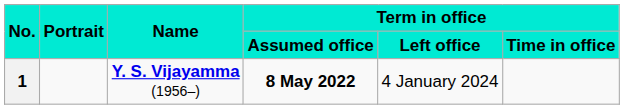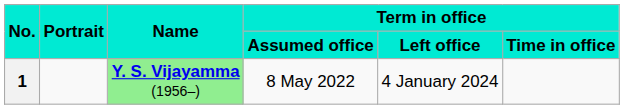 <table class="wikitable sortable" style="text-align: center;">
 <tr>
 <th rowspan=2 style="background-color:#00EAD3;color:black">No.</th>
 <th rowspan=2 style="background-color:#00EAD3;color:black">Portrait</th>
 <th rowspan=2 style="background-color:#00EAD3;color:black">Name<br></th>
 <th colspan=3 style="background-color:#00EAD3;color:black">Term in office</th>
 </tr>
 <tr>
 <th style="background-color:#00EAD3;color:black">Assumed office</th>
 <th style="background-color:#00EAD3;color:black">Left office</th>
 <th style="background-color:#00EAD3;color:black">Time in office</th>
 </tr>
 <tr>
 <th>1</th>
 <td></td>
-<td><strong><a href='#'>Y. S. Vijayamma</a></strong><br><small>(1956–)</small></td>
-<td><strong>8 May 2022</strong></td>
+<td style="background: lightgreen;"><strong><a href='#'>Y. S. Vijayamma</a></strong><br><small>(1956–)</small></td>
+<td>8 May 2022</td>
 <td>4 January 2024</td>
 <td></td>
 </tr>
 </table>
